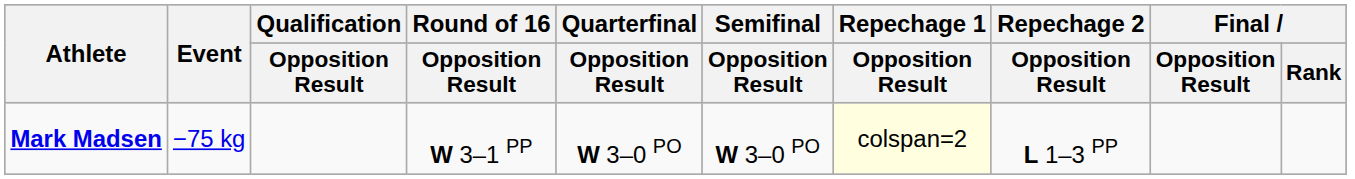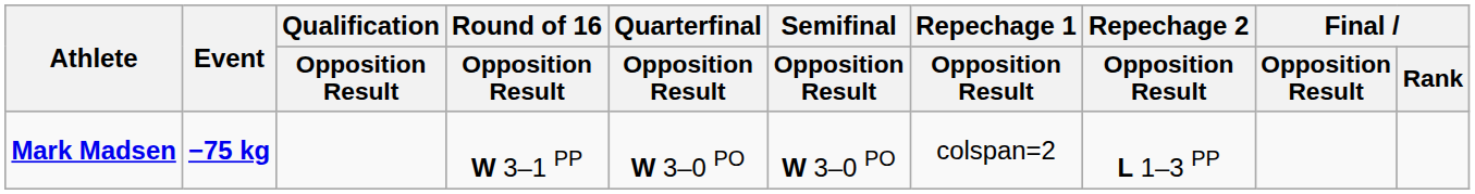 <table class="wikitable" style="font-size:90%">
 <tr>
 <th rowspan=2>Athlete</th>
 <th rowspan=2>Event</th>
 <th>Qualification</th>
 <th>Round of 16</th>
 <th>Quarterfinal</th>
 <th>Semifinal</th>
 <th>Repechage 1</th>
 <th>Repechage 2</th>
 <th colspan=2>Final / </th>
 </tr>
 <tr style="font-size: 95%">
 <th>Opposition<br>Result</th>
 <th>Opposition<br>Result</th>
 <th>Opposition<br>Result</th>
 <th>Opposition<br>Result</th>
 <th>Opposition<br>Result</th>
 <th>Opposition<br>Result</th>
 <th>Opposition<br>Result</th>
 <th>Rank</th>
 </tr>
 <tr align=center>
 <td align=left><strong><a href='#'>Mark Madsen</a></strong></td>
-<td align=left><a href='#'>−75 kg</a></td>
+<td align=left><strong><a href='#'>−75 kg</a></strong></td>
 <td></td>
 <td><br><strong>W</strong> 3–1 <sup>PP</sup></td>
 <td><br><strong>W</strong> 3–0 <sup>PO</sup></td>
 <td><br><strong>W</strong> 3–0 <sup>PO</sup></td>
-<td style="background: lightyellow;">colspan=2 </td>
+<td>colspan=2 </td>
 <td><br><strong>L</strong> 1–3 <sup>PP</sup></td>
 <td></td>
 </tr>
 </table>
